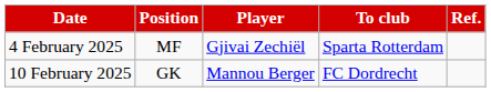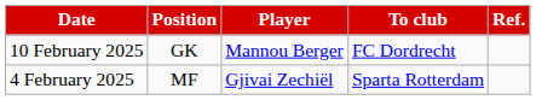 <table class="wikitable sortable">
 <tr>
 <th style="background:#d50000; color:white;">Date</th>
 <th style="background:#d50000; color:white;">Position</th>
 <th style="background:#d50000; color:white;">Player</th>
 <th style="background:#d50000; color:white;">To club</th>
 <th style="background:#d50000; color:white;">Ref.</th>
 </tr>
 <tr>
+<td>10 February 2025</td>
+<td style="text-align:center;">GK</td>
+<td style="text-align;left:"> <a href='#'>Mannou Berger</a></td>
+<td style="text-align:left;"> <a href='#'>FC Dordrecht</a></td>
+<td></td>
+</tr>
+<tr>
 <td>4 February 2025</td>
 <td style="text-align:center;">MF</td>
 <td style="text-align;left:"> <a href='#'>Gjivai Zechiël</a></td>
 <td style="text-align:left;"> <a href='#'>Sparta Rotterdam</a></td>
 <td></td>
 </tr>
-<tr>
-<td>10 February 2025</td>
-<td style="text-align:center;">GK</td>
-<td style="text-align;left:"> <a href='#'>Mannou Berger</a></td>
-<td style="text-align:left;"> <a href='#'>FC Dordrecht</a></td>
-<td></td>
-</tr>
 </table>
